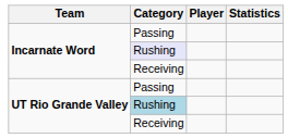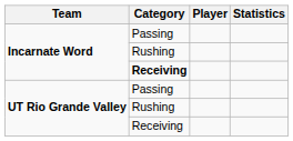 <table class="wikitable" style="float: right;">
 <tr>
 <th>Team</th>
 <th>Category</th>
 <th>Player</th>
 <th>Statistics</th>
 </tr>
 <tr>
 <td rowspan=3><strong>Incarnate Word</strong></td>
 <td>Passing</td>
 <td></td>
 <td></td>
 </tr>
 <tr>
-<td style="background: lavender;">Rushing</td>
+<td>Rushing</td>
 <td></td>
 <td></td>
 </tr>
 <tr>
-<td>Receiving</td>
+<td><strong>Receiving</strong></td>
 <td></td>
 <td></td>
 </tr>
 <tr>
 <td rowspan=3><strong>UT Rio Grande Valley</strong></td>
 <td>Passing</td>
 <td></td>
 <td></td>
 </tr>
 <tr>
-<td style="background: lightblue;">Rushing</td>
+<td>Rushing</td>
 <td></td>
 <td></td>
 </tr>
 <tr>
 <td>Receiving</td>
 <td></td>
 <td></td>
 </tr>
 </table>
